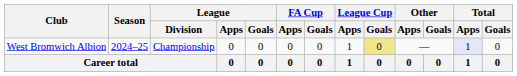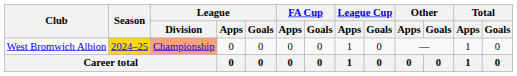 <table class="wikitable" style="text-align: center">
 <tr>
 <th rowspan="2">Club</th>
 <th rowspan="2">Season</th>
 <th colspan="3">League</th>
 <th colspan="2"><a href='#'>FA Cup</a></th>
 <th colspan="2"><a href='#'>League Cup</a></th>
 <th colspan="2">Other</th>
 <th colspan="2">Total</th>
 </tr>
 <tr>
 <th>Division</th>
 <th>Apps</th>
 <th>Goals</th>
 <th>Apps</th>
 <th>Goals</th>
 <th>Apps</th>
 <th>Goals</th>
 <th>Apps</th>
 <th>Goals</th>
 <th>Apps</th>
 <th>Goals</th>
 </tr>
 <tr>
 <td><a href='#'>West Bromwich Albion</a></td>
-<td><a href='#'>2024–25</a></td>
-<td><a href='#'>Championship</a></td>
+<td style="background: gold;"><a href='#'>2024–25</a></td>
+<td style="background: lightsalmon;"><a href='#'>Championship</a></td>
 <td>0</td>
 <td>0</td>
 <td>0</td>
 <td>0</td>
 <td>1</td>
-<td style="background: khaki;">0</td>
+<td>0</td>
 <td colspan=2>—</td>
-<td style="background: lavender;">1</td>
+<td>1</td>
 <td>0</td>
 </tr>
 <tr>
 <th colspan="3">Career total</th>
 <th>0</th>
 <th>0</th>
 <th>0</th>
 <th>0</th>
 <th>1</th>
 <th>0</th>
 <th>0</th>
 <th>0</th>
 <th>1</th>
 <th>0</th>
 </tr>
 </table>
